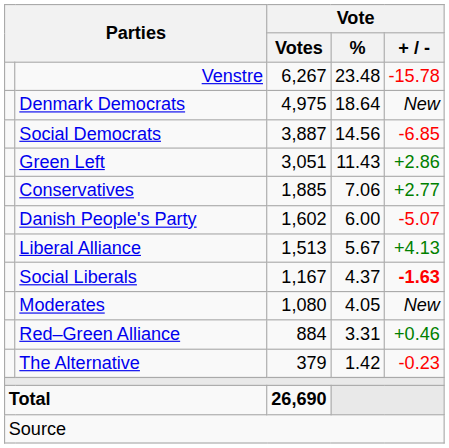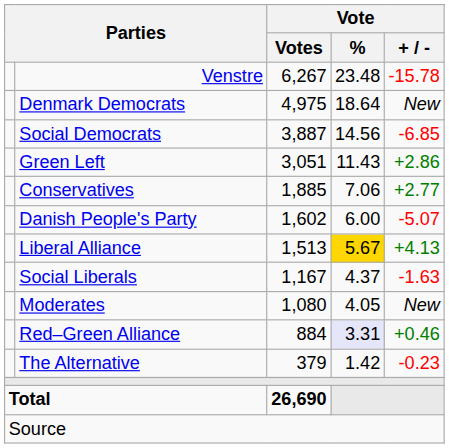 <table class="wikitable" style="text-align:right;">
 <tr>
 <th style="text-align:centre;" rowspan="2" colspan="2" width="225">Parties</th>
 <th colspan="3">Vote</th>
 </tr>
 <tr>
 <th width="15">Votes</th>
 <th width="15">%</th>
 <th width="15">+ / -</th>
 </tr>
 <tr>
 <td width=2 bgcolor=></td>
 <td><a href='#'>Venstre</a></td>
 <td>6,267</td>
 <td>23.48</td>
 <td style=color:red;>-15.78</td>
 </tr>
 <tr>
 <td width=2 bgcolor=></td>
 <td align=left><a href='#'>Denmark Democrats</a></td>
 <td>4,975</td>
 <td>18.64</td>
 <td><em>New</em></td>
 </tr>
 <tr>
 <td width=2 bgcolor=></td>
 <td align=left><a href='#'>Social Democrats</a></td>
 <td>3,887</td>
 <td>14.56</td>
 <td style=color:red;>-6.85</td>
 </tr>
 <tr>
 <td width=2 bgcolor=></td>
 <td align=left><a href='#'>Green Left</a></td>
 <td>3,051</td>
 <td>11.43</td>
 <td style=color:green;>+2.86</td>
 </tr>
 <tr>
 <td width=2 bgcolor=></td>
 <td align=left><a href='#'>Conservatives</a></td>
 <td>1,885</td>
 <td>7.06</td>
 <td style=color:green;>+2.77</td>
 </tr>
 <tr>
 <td width=2 bgcolor=></td>
 <td align=left><a href='#'>Danish People's Party</a></td>
 <td>1,602</td>
 <td>6.00</td>
 <td style=color:red;>-5.07</td>
 </tr>
 <tr>
 <td width=2 bgcolor=></td>
 <td align=left><a href='#'>Liberal Alliance</a></td>
 <td>1,513</td>
-<td>5.67</td>
+<td style="background: gold;">5.67</td>
 <td style=color:green;>+4.13</td>
 </tr>
 <tr>
 <td width=2 bgcolor=></td>
 <td align=left><a href='#'>Social Liberals</a></td>
 <td>1,167</td>
 <td>4.37</td>
-<td style=color:red;><strong>-1.63</strong></td>
+<td style=color:red;>-1.63</td>
 </tr>
 <tr>
 <td width=2 bgcolor=></td>
 <td align=left><a href='#'>Moderates</a></td>
 <td>1,080</td>
 <td>4.05</td>
 <td><em>New</em></td>
 </tr>
 <tr>
 <td width=2 bgcolor=></td>
 <td align=left><a href='#'>Red–Green Alliance</a></td>
 <td>884</td>
-<td>3.31</td>
+<td style="background: lavender;">3.31</td>
 <td style=color:green;>+0.46</td>
 </tr>
 <tr>
 <td width=2 bgcolor=></td>
 <td align=left><a href='#'>The Alternative</a></td>
 <td>379</td>
 <td>1.42</td>
 <td style=color:red;>-0.23</td>
 </tr>
 <tr>
 <td colspan="7" bgcolor="#E9E9E9"></td>
 </tr>
 <tr>
 <td align="left" colspan="2"><strong>Total</strong></td>
 <td><strong>26,690</strong></td>
 <td bgcolor=#E9E9E9 colspan=2></td>
 </tr>
 <tr>
 <td align="left" colspan="6">Source</td>
 </tr>
 </table>
